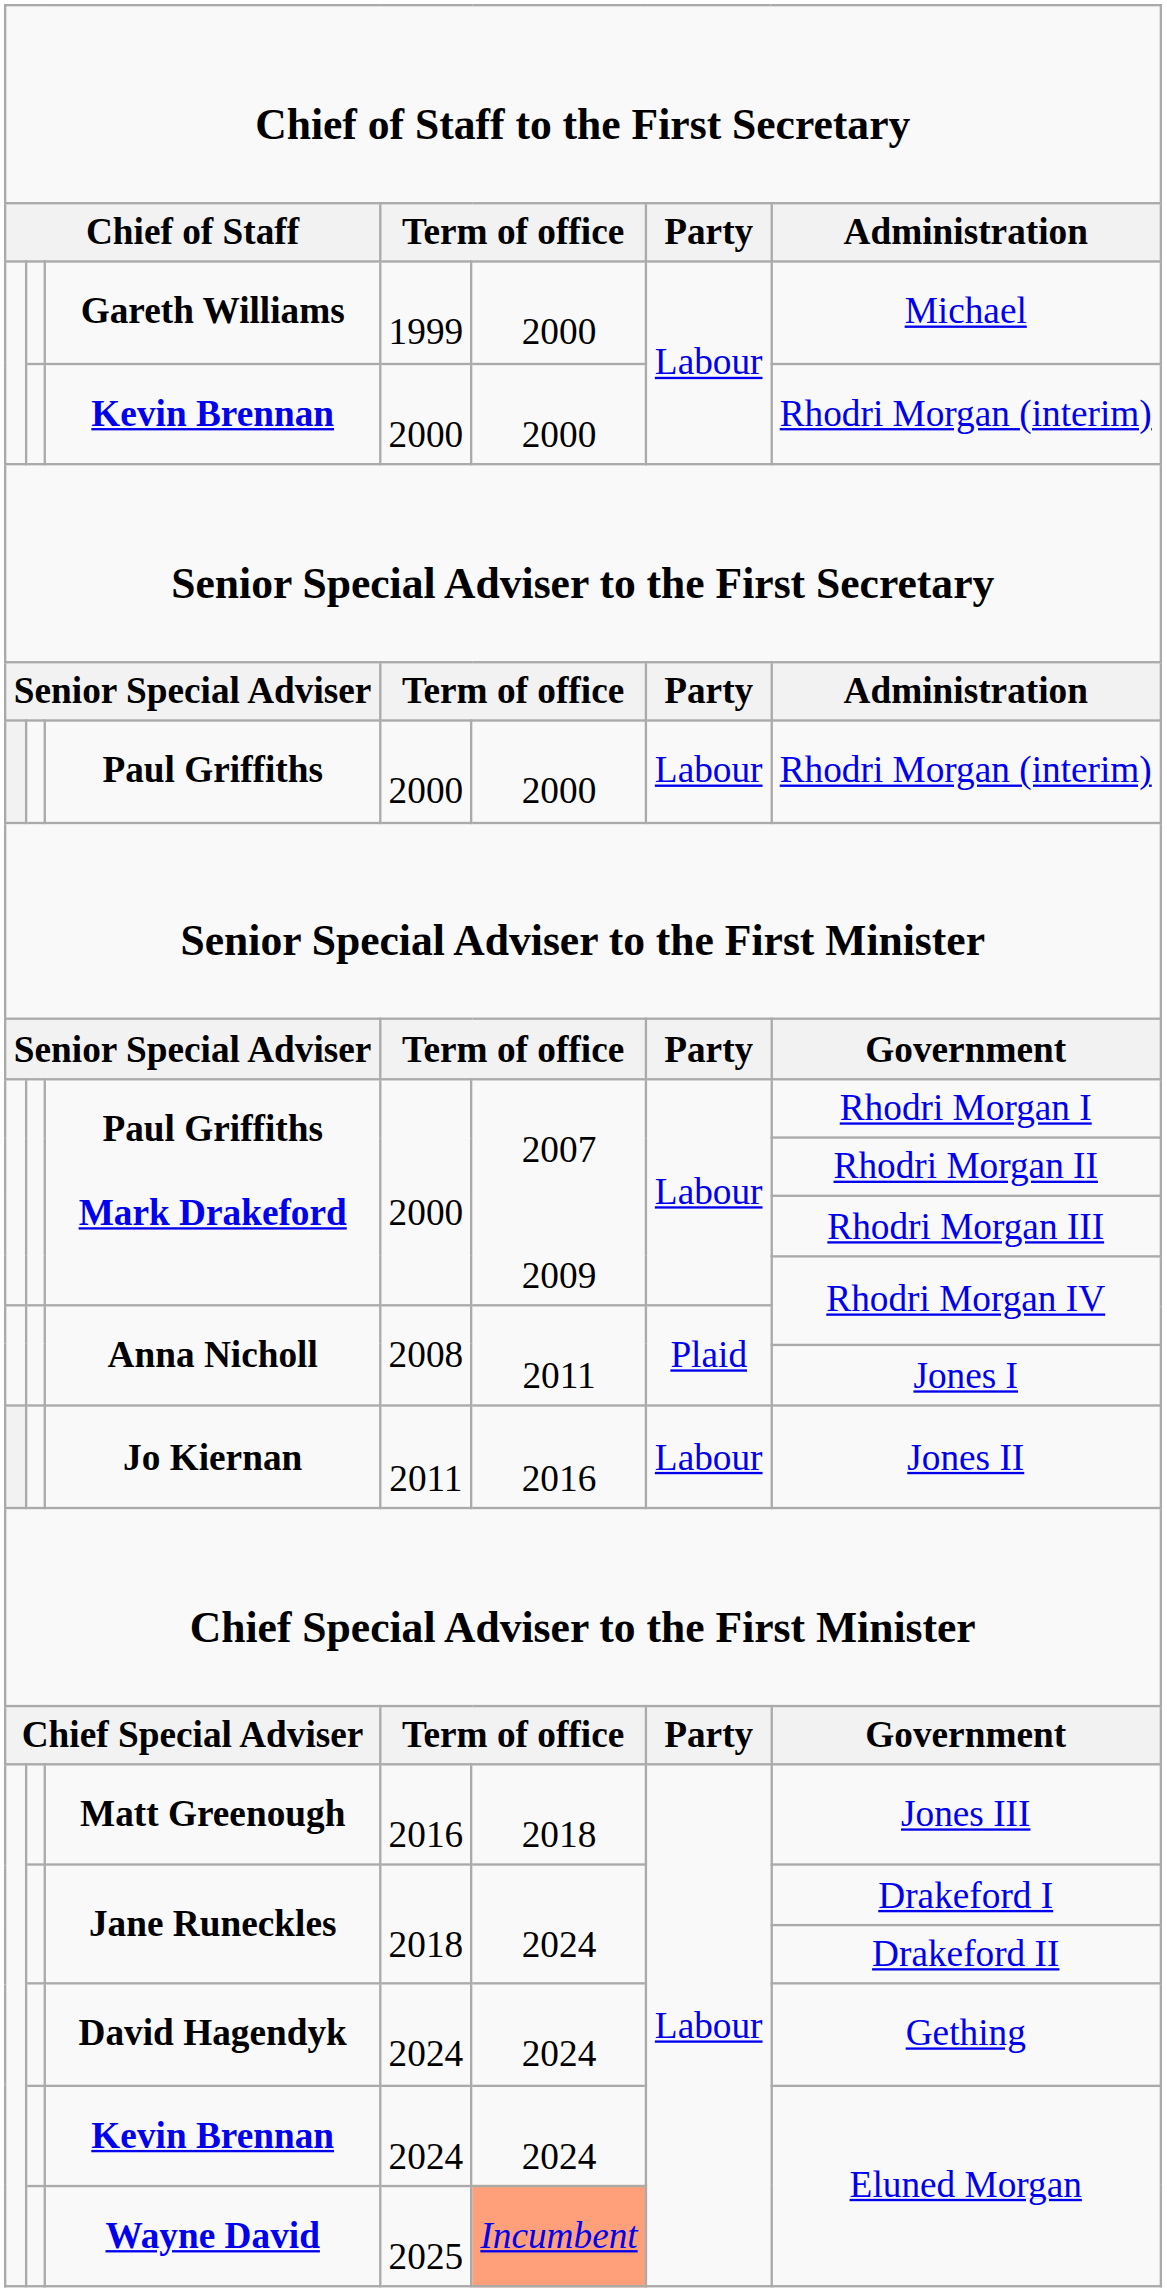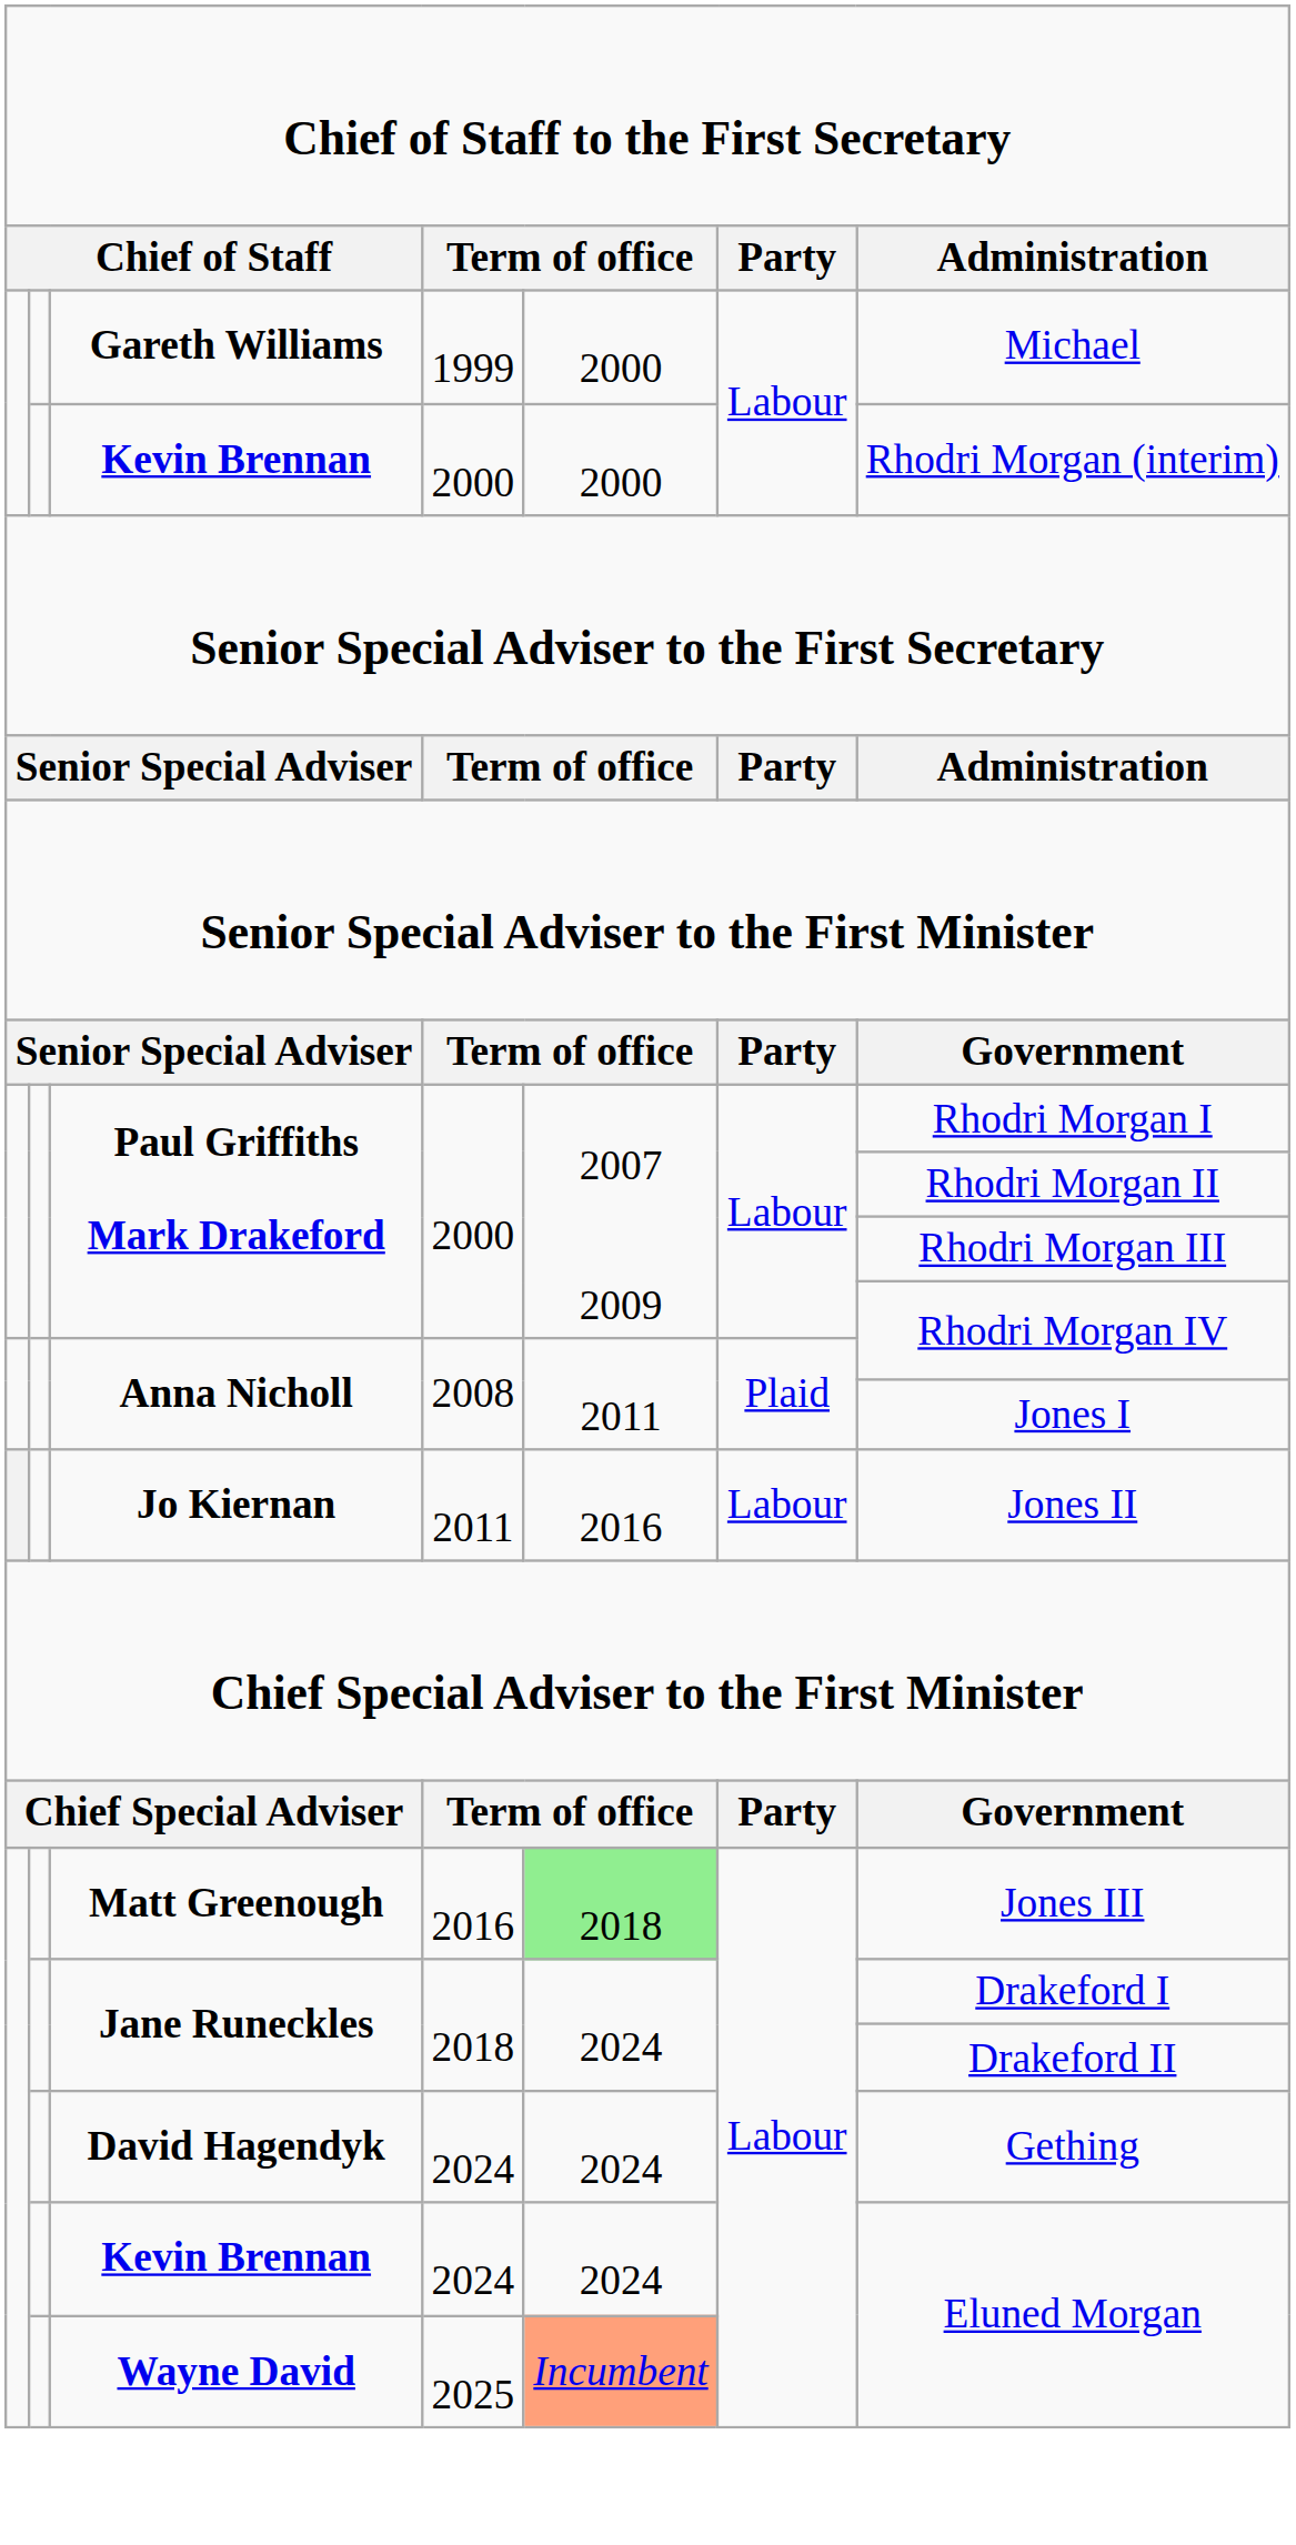 <table class="wikitable" style="text-align:center">
 <tr>
 <td colspan=7><br><h3>Chief of Staff to the First Secretary</h3></td>
 </tr>
 <tr style="height:1em">
 <th colspan=3>Chief of Staff</th>
 <th colspan=2>Term of office</th>
 <th>Party</th>
 <th>Administration</th>
 </tr>
 <tr style="height:1em">
 <td rowspan=2 style="background-color: "></td>
 <td></td>
 <td><strong>Gareth Williams</strong></td>
 <td><br>1999</td>
 <td><br>2000</td>
 <td rowspan=2 ><a href='#'>Labour</a></td>
 <td><a href='#'>Michael</a></td>
 </tr>
 <tr style="height:1em">
 <td></td>
 <td><strong><a href='#'>Kevin Brennan</a></strong><br></td>
 <td><br>2000</td>
 <td><br>2000</td>
 <td><a href='#'>Rhodri Morgan (interim)</a></td>
 </tr>
 <tr style="height:1em">
 <td colspan=7><br><h3>Senior Special Adviser to the First Secretary</h3></td>
 </tr>
 <tr style="height:1em">
 <th colspan=3>Senior Special Adviser</th>
 <th colspan=2>Term of office</th>
 <th>Party</th>
 <th>Administration</th>
-</tr>
-<tr style="height:1em">
-<th style="background-color: "></th>
-<td></td>
-<td><strong>Paul Griffiths</strong></td>
-<td><br>2000</td>
-<td><br>2000</td>
-<td><a href='#'>Labour</a></td>
-<td><a href='#'>Rhodri Morgan (interim)</a></td>
 </tr>
 <tr style="height:1em">
 <td colspan=7><br><h3>Senior Special Adviser to the First Minister</h3></td>
 </tr>
 <tr style="height:1em">
 <th colspan=3>Senior Special Adviser</th>
 <th colspan=2>Term of office</th>
 <th>Party</th>
 <th>Government</th>
 </tr>
 <tr style="height:1em">
 <td rowspan=4 style="background-color: "></td>
 <td rowspan=4><br></td>
 <td rowspan=4><strong>Paul Griffiths</strong><br><br><strong><a href='#'>Mark Drakeford</a></strong><br><br></td>
 <td rowspan=4><br>2000</td>
 <td rowspan=4><br>2007<br><br><br>2009<br></td>
 <td rowspan=4 ><a href='#'>Labour</a></td>
 <td><a href='#'>Rhodri Morgan I</a><br></td>
 </tr>
 <tr style="height:1em">
 <td><a href='#'>Rhodri Morgan II</a></td>
 </tr>
 <tr style="height:1em">
 <td><a href='#'>Rhodri Morgan III</a></td>
 </tr>
 <tr style="height:1em">
 <td rowspan=2 ><a href='#'>Rhodri Morgan IV</a><br></td>
 </tr>
 <tr style="height:1em">
 <td rowspan="2" style="background-color: "></td>
 <td rowspan="2"></td>
 <td rowspan="2"><strong>Anna Nicholl</strong><br></td>
 <td rowspan="2">2008</td>
 <td rowspan="2"><br>2011</td>
 <td rowspan="2" ><a href='#'>Plaid</a></td>
 </tr>
 <tr style="height:1em">
 <td><a href='#'>Jones I</a><br></td>
 </tr>
 <tr style="height:1em">
 <th style="background-color: "></th>
 <td></td>
 <td><strong>Jo Kiernan</strong></td>
 <td><br>2011</td>
 <td><br>2016</td>
 <td><a href='#'>Labour</a></td>
 <td><a href='#'>Jones II</a></td>
 </tr>
 <tr style="height:1em">
 <td colspan=7><br><h3>Chief Special Adviser to the First Minister</h3></td>
 </tr>
 <tr style="height:1em">
 <th colspan=3>Chief Special Adviser</th>
 <th colspan=2>Term of office</th>
 <th>Party</th>
 <th>Government</th>
 </tr>
 <tr style="height:1em">
 <td rowspan="6" style="background-color: "></td>
 <td></td>
 <td><strong>Matt Greenough</strong></td>
 <td><br>2016</td>
-<td><br>2018</td>
+<td style="background: lightgreen;"><br>2018</td>
 <td rowspan="6" ><a href='#'>Labour</a></td>
 <td><a href='#'>Jones III</a><br></td>
 </tr>
 <tr style="height:1em">
 <td rowspan="2"></td>
 <td rowspan="2"><strong>Jane Runeckles</strong></td>
 <td rowspan="2"><br>2018</td>
 <td rowspan="2"><br>2024</td>
 <td><a href='#'>Drakeford I</a><br></td>
 </tr>
 <tr style="height:1em">
 <td><a href='#'>Drakeford II</a></td>
 </tr>
 <tr style="height:1em">
 <td></td>
 <td><strong>David Hagendyk</strong></td>
 <td><br>2024</td>
 <td><br>2024</td>
 <td><a href='#'>Gething</a></td>
 </tr>
 <tr style="height:1em">
 <td></td>
 <td><strong><a href='#'>Kevin Brennan</a></strong></td>
 <td><br>2024</td>
 <td><br>2024</td>
 <td rowspan=2 ><a href='#'>Eluned Morgan</a></td>
 </tr>
 <tr style="height:1em">
 <td></td>
 <td><strong><a href='#'>Wayne David</a></strong></td>
 <td><br>2025</td>
 <td style="background: lightsalmon;"><em><a href='#'>Incumbent</a></em></td>
 </tr>
 </table>
